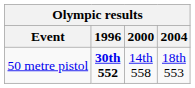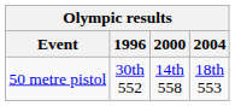 <table class="wikitable" style="text-align: center">
 <tr>
 <th colspan=4>Olympic results</th>
 </tr>
 <tr>
 <th>Event</th>
 <th>1996</th>
 <th>2000</th>
 <th>2004</th>
 </tr>
 <tr>
 <td align=left><a href='#'>50 metre pistol</a></td>
-<td><strong><a href='#'>30th</a><br>552</strong></td>
+<td><a href='#'>30th</a><br>552</td>
 <td><a href='#'>14th</a><br>558</td>
 <td><a href='#'>18th</a><br>553</td>
 </tr>
 </table>
